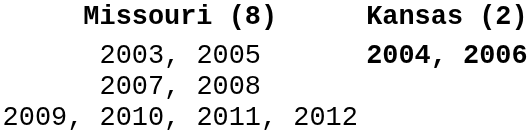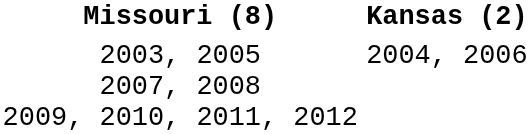 <table id="toc" style="float:right; margin-left: 1em; margin-bottom: 1em; text-align: center">
 <tr>
 <th>Missouri (8)</th>
 <th>Kansas (2)</th>
 </tr>
 <tr>
 <td valign="top">2003, 2005<br>2007, 2008 <br> 2009, 2010, 2011, 2012</td>
-<td valign="top"><strong>2004, 2006</strong></td>
+<td valign="top">2004, 2006</td>
 </tr>
 </table>
